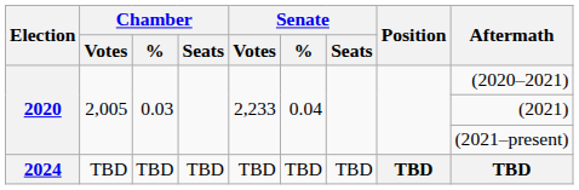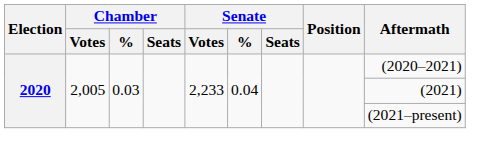 <table class="wikitable" style="text-align: right;">
 <tr>
 <th rowspan="2">Election</th>
 <th colspan="3"><a href='#'>Chamber</a></th>
 <th colspan="3"><a href='#'>Senate</a></th>
 <th rowspan="2">Position</th>
 <th rowspan="2">Aftermath</th>
 </tr>
 <tr>
 <th>Votes</th>
 <th>%</th>
 <th>Seats</th>
 <th>Votes</th>
 <th>%</th>
 <th>Seats</th>
 </tr>
 <tr>
 <th rowspan=3><a href='#'>2020</a></th>
 <td rowspan=3>2,005</td>
 <td rowspan=3>0.03</td>
 <td rowspan=3></td>
 <td rowspan=3>2,233</td>
 <td rowspan=3>0.04</td>
 <td rowspan=3></td>
 <td rowspan=3; style="text-align: center;"></td>
 <td> (2020–2021)</td>
 </tr>
 <tr>
 <td> (2021)</td>
 </tr>
 <tr>
 <td> (2021–present)</td>
 </tr>
-<tr>
-<th><a href='#'>2024</a></th>
-<td>TBD</td>
-<td>TBD</td>
-<td>TBD</td>
-<td>TBD</td>
-<td>TBD</td>
-<td>TBD</td>
-<th>TBD</th>
-<th>TBD</th>
-</tr>
 </table>
